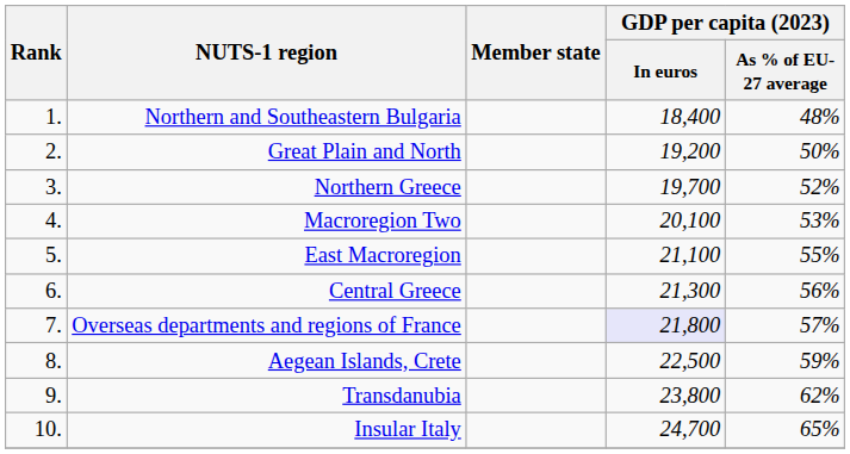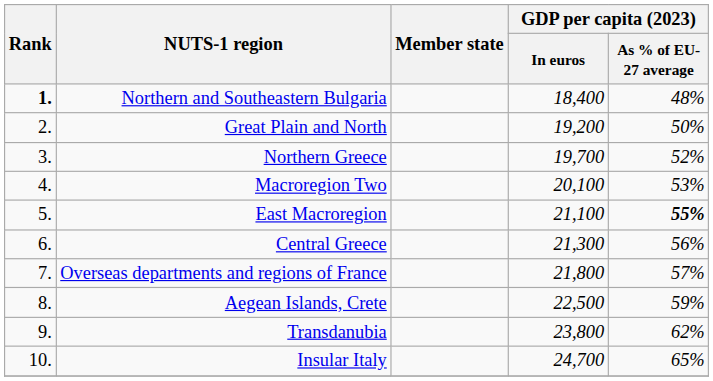 <table class="wikitable">
 <tr style="background:#efefef;">
 <th rowspan=2>Rank</th>
 <th rowspan=2>NUTS-1 region</th>
 <th rowspan=2>Member state</th>
 <th colspan=2>GDP per capita (2023)</th>
 </tr>
 <tr style="background:#efefef;">
 <th style="width:5em;"><small>In euros</small></th>
 <th style="width:5em;"><small>As % of EU-27 average</small></th>
 </tr>
 <tr style="text-align:right;">
-<td>1.</td>
+<td><strong>1.</strong></td>
 <td><a href='#'>Northern and Southeastern Bulgaria</a></td>
 <td align=left><small></small></td>
 <td><em>18,400</em></td>
 <td><em>48%</em></td>
 </tr>
 <tr style="text-align:right;">
 <td>2.</td>
 <td><a href='#'>Great Plain and North</a></td>
 <td align=left><small></small></td>
 <td><em>19,200</em></td>
 <td><em>50%</em></td>
 </tr>
 <tr style="text-align:right;">
 <td>3.</td>
 <td><a href='#'>Northern Greece</a></td>
 <td align=left><small></small></td>
 <td><em>19,700</em></td>
 <td><em>52%</em></td>
 </tr>
 <tr style="text-align:right;">
 <td>4.</td>
 <td><a href='#'>Macroregion Two</a></td>
 <td align=left><small></small></td>
 <td><em>20,100</em></td>
 <td><em>53%</em></td>
 </tr>
 <tr style="text-align:right;">
 <td>5.</td>
 <td><a href='#'>East Macroregion</a></td>
 <td align=left><small></small></td>
 <td><em>21,100</em></td>
-<td><em>55%</em></td>
+<td><strong><em>55%</em></strong></td>
 </tr>
 <tr style="text-align:right;">
 <td>6.</td>
 <td><a href='#'>Central Greece</a></td>
 <td align=left><small></small></td>
 <td><em>21,300</em></td>
 <td><em>56%</em></td>
 </tr>
 <tr style="text-align:right;">
 <td>7.</td>
 <td><a href='#'>Overseas departments and regions of France</a></td>
 <td align=left><small></small></td>
-<td style="background: lavender;"><em>21,800</em></td>
+<td><em>21,800</em></td>
 <td><em>57%</em></td>
 </tr>
 <tr style="text-align:right;">
 <td>8.</td>
 <td><a href='#'>Aegean Islands, Crete</a></td>
 <td align=left><small></small></td>
 <td><em>22,500</em></td>
 <td><em>59%</em></td>
 </tr>
 <tr style="text-align:right;">
 <td>9.</td>
 <td><a href='#'>Transdanubia</a></td>
 <td align=left><small></small></td>
 <td><em>23,800</em></td>
 <td><em>62%</em></td>
 </tr>
 <tr style="text-align:right;">
 <td>10.</td>
 <td><a href='#'>Insular Italy</a></td>
 <td align=left><small></small></td>
 <td><em>24,700</em></td>
 <td><em>65%</em></td>
 </tr>
 <tr style="text-align:right;">
 </tr>
 </table>
